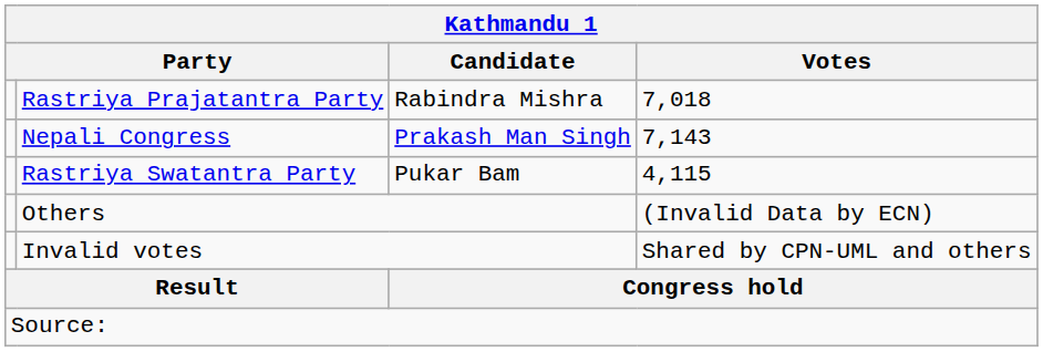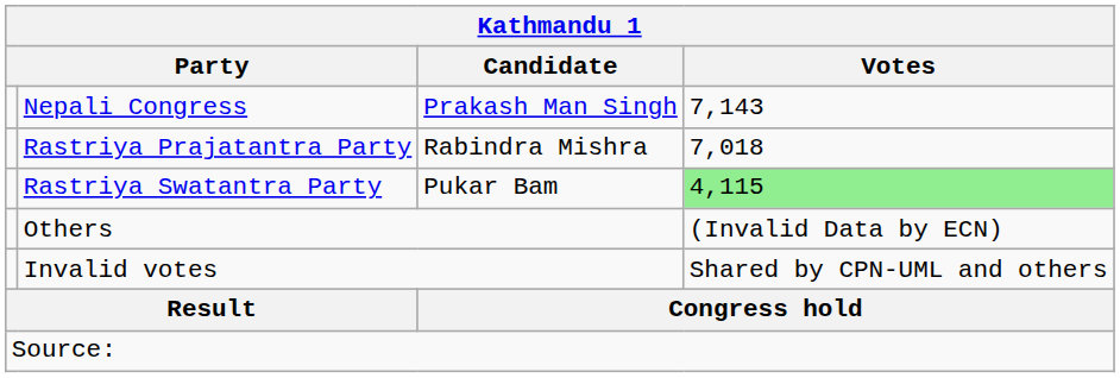 <table class="wikitable">
 <tr>
 <th colspan="4"><a href='#'>Kathmandu 1</a></th>
 </tr>
 <tr>
 <th colspan="2">Party</th>
 <th>Candidate</th>
 <th>Votes</th>
 </tr>
 <tr>
 <td style="background-color:"></td>
+<td><a href='#'>Nepali Congress</a></td>
+<td><a href='#'>Prakash Man Singh</a></td>
+<td>7,143</td>
+</tr>
+<tr>
+<td style="background-color:"></td>
 <td><a href='#'>Rastriya Prajatantra Party</a></td>
 <td>Rabindra Mishra</td>
 <td>7,018</td>
 </tr>
 <tr>
 <td style="background-color:"></td>
-<td><a href='#'>Nepali Congress</a></td>
-<td><a href='#'>Prakash Man Singh</a></td>
-<td>7,143</td>
-</tr>
-<tr>
-<td style="background-color:"></td>
 <td><a href='#'>Rastriya Swatantra Party</a></td>
 <td>Pukar Bam</td>
-<td>4,115</td>
+<td style="background: lightgreen;">4,115</td>
 </tr>
 <tr>
 <td></td>
 <td colspan="2">Others</td>
 <td>(Invalid Data by ECN)</td>
 </tr>
 <tr>
 <td></td>
 <td colspan="2">Invalid votes</td>
 <td>Shared by CPN-UML and others</td>
 </tr>
 <tr>
 <th colspan="2">Result</th>
 <th colspan="2">Congress hold</th>
 </tr>
 <tr>
 <td colspan="4">Source: </td>
 </tr>
 </table>
